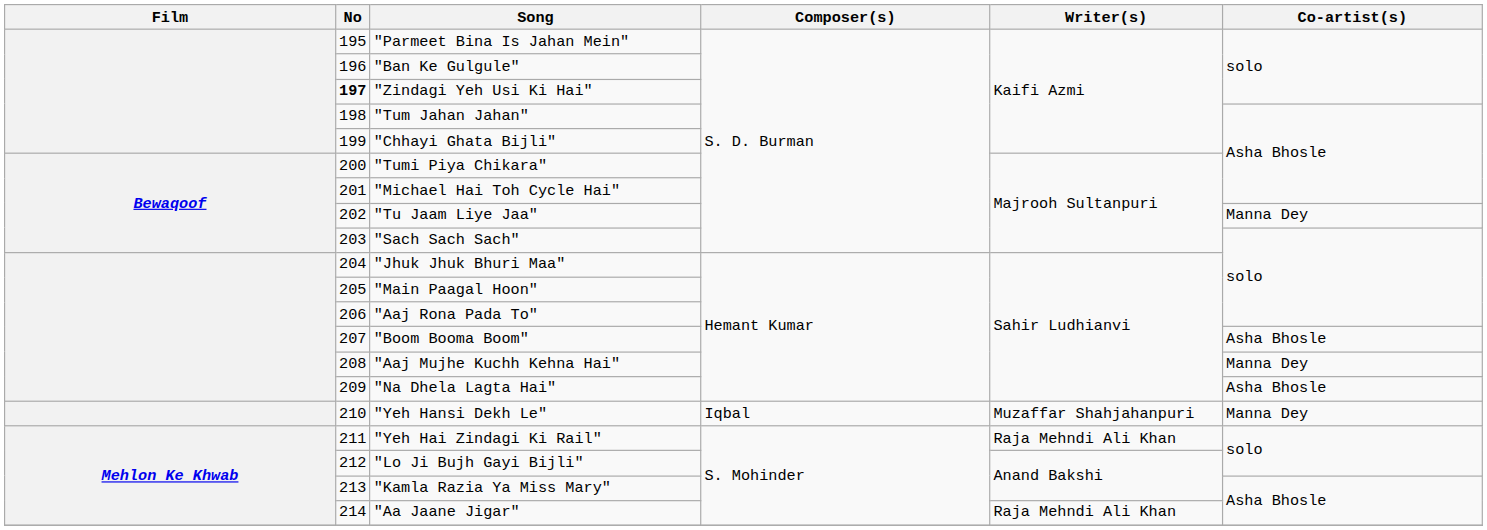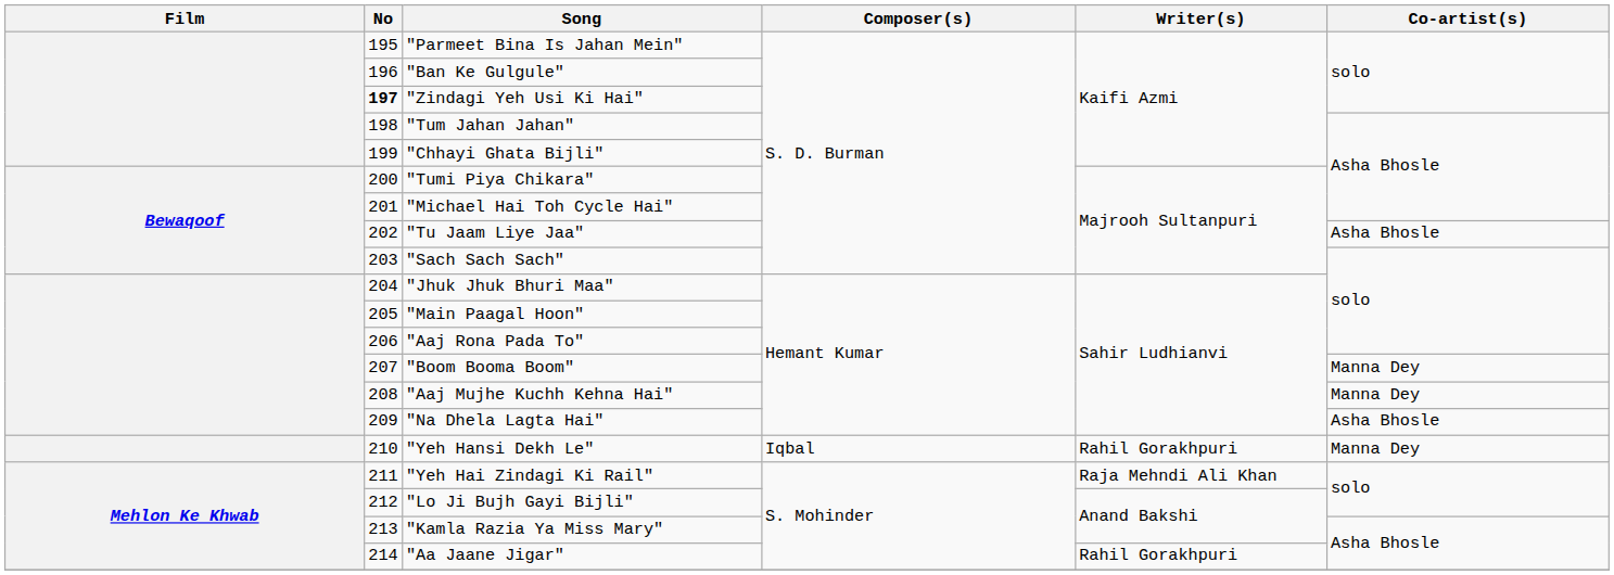 <table class="wikitable plainrowheaders" width="100%" textcolor:#000;">
 <tr style="background:#b0e0e66;">
 <th scope="col" width=23%><strong>Film</strong></th>
 <th><strong>No</strong></th>
 <th scope="col" width=23%><strong>Song</strong></th>
 <th scope="col" width=20%><strong>Composer(s)</strong></th>
 <th scope="col" width=16%><strong>Writer(s)</strong></th>
 <th scope="col" width=18%><strong>Co-artist(s)</strong></th>
 </tr>
 <tr>
 <th rowspan=5><em></em></th>
 <td>195</td>
 <td>"Parmeet Bina Is Jahan Mein"</td>
 <td rowspan=9>S. D. Burman</td>
 <td rowspan=5>Kaifi Azmi</td>
 <td rowspan=3>solo</td>
 </tr>
 <tr>
 <td>196</td>
 <td>"Ban Ke Gulgule"</td>
 </tr>
 <tr>
 <td><strong>197</strong></td>
 <td>"Zindagi Yeh Usi Ki Hai"</td>
 </tr>
 <tr>
 <td>198</td>
 <td>"Tum Jahan Jahan"</td>
 <td rowspan=4>Asha Bhosle</td>
 </tr>
 <tr>
 <td>199</td>
 <td>"Chhayi Ghata Bijli"</td>
 </tr>
 <tr>
 <th rowspan=4><em><a href='#'>Bewaqoof</a></em></th>
 <td>200</td>
 <td>"Tumi Piya Chikara"</td>
 <td rowspan=4>Majrooh Sultanpuri</td>
 </tr>
 <tr>
 <td>201</td>
 <td>"Michael Hai Toh Cycle Hai"</td>
 </tr>
 <tr>
 <td>202</td>
 <td>"Tu Jaam Liye Jaa"</td>
-<td>Manna Dey</td>
+<td>Asha Bhosle</td>
 </tr>
 <tr>
 <td>203</td>
 <td>"Sach Sach Sach"</td>
 <td rowspan=4>solo</td>
 </tr>
 <tr>
 <th rowspan=6><em></em></th>
 <td>204</td>
 <td>"Jhuk Jhuk Bhuri Maa"</td>
 <td rowspan=6>Hemant Kumar</td>
 <td rowspan=6>Sahir Ludhianvi</td>
 </tr>
 <tr>
 <td>205</td>
 <td>"Main Paagal Hoon"</td>
 </tr>
 <tr>
 <td>206</td>
 <td>"Aaj Rona Pada To"</td>
 </tr>
 <tr>
 <td>207</td>
 <td>"Boom Booma Boom"</td>
-<td>Asha Bhosle</td>
+<td>Manna Dey</td>
 </tr>
 <tr>
 <td>208</td>
 <td>"Aaj Mujhe Kuchh Kehna Hai"</td>
 <td>Manna Dey</td>
 </tr>
 <tr>
 <td>209</td>
 <td>"Na Dhela Lagta Hai"</td>
 <td>Asha Bhosle</td>
 </tr>
 <tr>
 <th><em></em></th>
 <td>210</td>
 <td>"Yeh Hansi Dekh Le"</td>
 <td>Iqbal</td>
-<td>Muzaffar Shahjahanpuri</td>
+<td>Rahil Gorakhpuri</td>
 <td>Manna Dey</td>
 </tr>
 <tr>
 <th rowspan=4><em><a href='#'>Mehlon Ke Khwab</a></em></th>
 <td>211</td>
 <td>"Yeh Hai Zindagi Ki Rail"</td>
 <td rowspan=4>S. Mohinder</td>
 <td>Raja Mehndi Ali Khan</td>
 <td rowspan=2>solo</td>
 </tr>
 <tr>
 <td>212</td>
 <td>"Lo Ji Bujh Gayi Bijli"</td>
 <td rowspan=2>Anand Bakshi</td>
 </tr>
 <tr>
 <td>213</td>
 <td>"Kamla Razia Ya Miss Mary"</td>
 <td rowspan=2>Asha Bhosle</td>
 </tr>
 <tr>
 <td>214</td>
 <td>"Aa Jaane Jigar"</td>
-<td>Raja Mehndi Ali Khan</td>
+<td>Rahil Gorakhpuri</td>
 </tr>
 <tr>
 </tr>
 </table>
